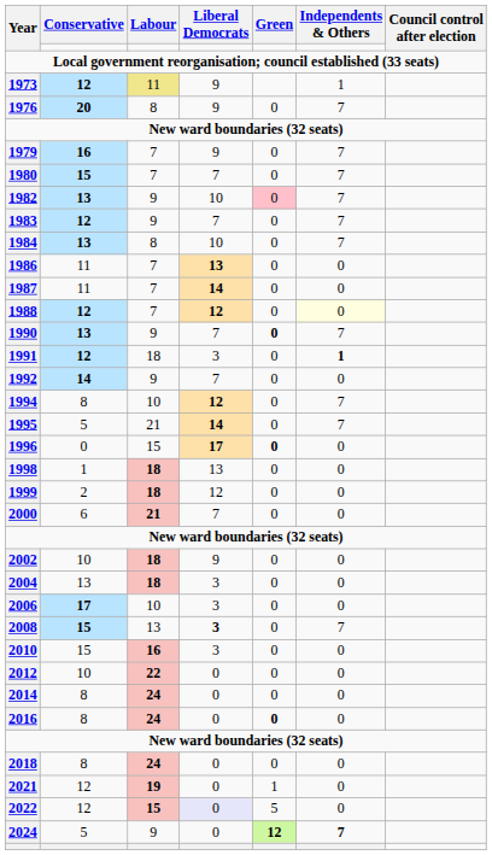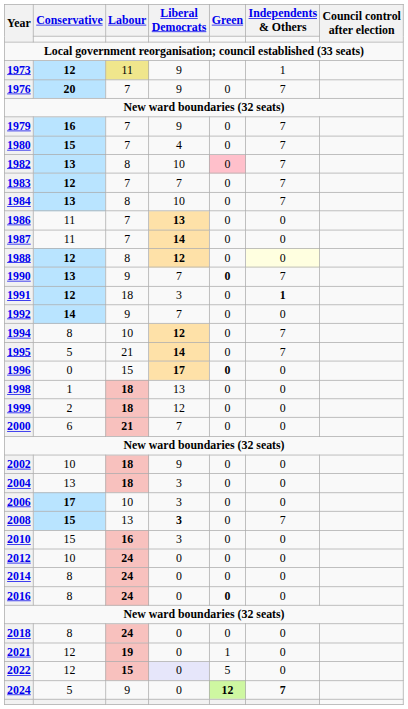 <table class="wikitable plainrowheaders" style="text-align:center">
 <tr>
 <th scope="col" rowspan="2">Year</th>
 <th scope="col"><a href='#'>Conservative</a></th>
 <th scope="col"><a href='#'>Labour</a></th>
 <th scope="col" style="width:1px"><a href='#'>Liberal Democrats</a></th>
 <th scope="col"><a href='#'>Green</a></th>
 <th scope="col"><a href='#'>Independents</a><br>& Others</th>
 <th scope="col" rowspan="2" colspan="2">Council control<br>after election</th>
 </tr>
 <tr>
 <td style="background:"></td>
 <td style="background:"></td>
 <td style="background:"></td>
 <td style="background:"></td>
 <td style="background:"></td>
 </tr>
 <tr>
 <td colspan="9"><strong>Local government reorganisation; council established (33 seats)</strong></td>
 </tr>
 <tr>
 <th scope="row"><a href='#'>1973</a></th>
 <td style="background:#B9E4FF;"><strong>12</strong></td>
 <td style="background: khaki;">11</td>
 <td>9</td>
 <td></td>
 <td>1</td>
 <td></td>
 </tr>
 <tr>
 <th scope="row"><a href='#'>1976</a></th>
 <td style="background:#B9E4FF;"><strong>20</strong></td>
-<td>8</td>
+<td>7</td>
 <td>9</td>
 <td>0</td>
 <td>7</td>
 <td></td>
 </tr>
 <tr>
 <td colspan="9"><strong>New ward boundaries (32 seats)</strong></td>
 </tr>
 <tr>
 <th scope="row"><a href='#'>1979</a></th>
 <td style="background:#B9E4FF;"><strong>16</strong></td>
 <td>7</td>
 <td>9</td>
 <td>0</td>
 <td>7</td>
 <td></td>
 </tr>
 <tr>
 <th scope="row"><a href='#'>1980</a></th>
 <td style="background:#B9E4FF;"><strong>15</strong></td>
 <td>7</td>
-<td>7</td>
+<td>4</td>
 <td>0</td>
 <td>7</td>
 <td></td>
 </tr>
 <tr>
 <th scope="row"><a href='#'>1982</a></th>
 <td style="background:#B9E4FF;"><strong>13</strong></td>
-<td>9</td>
+<td>8</td>
 <td>10</td>
 <td style="background: pink;">0</td>
 <td>7</td>
 <td></td>
 </tr>
 <tr>
 <th scope="row"><a href='#'>1983</a></th>
 <td style="background:#B9E4FF;"><strong>12</strong></td>
-<td>9</td>
+<td>7</td>
 <td>7</td>
 <td>0</td>
 <td>7</td>
 <td></td>
 </tr>
 <tr>
 <th scope="row"><a href='#'>1984</a></th>
 <td style="background:#B9E4FF;"><strong>13</strong></td>
 <td>8</td>
 <td>10</td>
 <td>0</td>
 <td>7</td>
 <td></td>
 </tr>
 <tr>
 <th scope="row"><a href='#'>1986</a></th>
 <td>11</td>
 <td>7</td>
 <td style="background:#FEE1A8"><strong>13</strong></td>
 <td>0</td>
 <td>0</td>
 <td></td>
 </tr>
 <tr>
 <th scope="row"><a href='#'>1987</a></th>
 <td>11</td>
 <td>7</td>
 <td style="background:#FEE1A8"><strong>14</strong></td>
 <td>0</td>
 <td>0</td>
 <td></td>
 </tr>
 <tr>
 <th scope="row"><a href='#'>1988</a></th>
 <td style="background:#B9E4FF;"><strong>12</strong></td>
-<td>7</td>
+<td>8</td>
 <td style="background:#FEE1A8"><strong>12</strong></td>
 <td>0</td>
 <td style="background: lightyellow;">0</td>
 <td></td>
 </tr>
 <tr>
 <th scope="row"><a href='#'>1990</a></th>
 <td style="background:#B9E4FF;"><strong>13</strong></td>
 <td>9</td>
 <td>7</td>
 <td><strong>0</strong></td>
 <td>7</td>
 <td></td>
 </tr>
 <tr>
 <th scope="row"><a href='#'>1991</a></th>
 <td style="background:#B9E4FF;"><strong>12</strong></td>
 <td>18</td>
 <td>3</td>
 <td>0</td>
 <td><strong>1</strong></td>
 <td></td>
 </tr>
 <tr>
 <th scope="row"><a href='#'>1992</a></th>
 <td style="background:#B9E4FF;"><strong>14</strong></td>
 <td>9</td>
 <td>7</td>
 <td>0</td>
 <td>0</td>
 <td></td>
 </tr>
 <tr>
 <th scope="row"><a href='#'>1994</a></th>
 <td>8</td>
 <td>10</td>
 <td style="background:#FEE1A8"><strong>12</strong></td>
 <td>0</td>
 <td>7</td>
 <td></td>
 </tr>
 <tr>
 <th scope="row"><a href='#'>1995</a></th>
 <td>5</td>
 <td>21</td>
 <td style="background:#FEE1A8"><strong>14</strong></td>
 <td>0</td>
 <td>7</td>
 <td></td>
 </tr>
 <tr>
 <th scope="row"><a href='#'>1996</a></th>
 <td>0</td>
 <td>15</td>
 <td style="background:#FEE1A8"><strong>17</strong></td>
 <td><strong>0</strong></td>
 <td>0</td>
 <td></td>
 </tr>
 <tr>
 <th scope="row"><a href='#'>1998</a></th>
 <td>1</td>
 <td style="background:#F8C1BE;"><strong>18</strong></td>
 <td>13</td>
 <td>0</td>
 <td>0</td>
 <td></td>
 </tr>
 <tr>
 <th scope="row"><a href='#'>1999</a></th>
 <td>2</td>
 <td style="background:#F8C1BE;"><strong>18</strong></td>
 <td>12</td>
 <td>0</td>
 <td>0</td>
 <td></td>
 </tr>
 <tr>
 <th scope="row"><a href='#'>2000</a></th>
 <td>6</td>
 <td style="background:#F8C1BE;"><strong>21</strong></td>
 <td>7</td>
 <td>0</td>
 <td>0</td>
 <td></td>
 </tr>
 <tr>
 <td colspan="9"><strong>New ward boundaries (32 seats)</strong></td>
 </tr>
 <tr>
 <th scope="row"><a href='#'>2002</a></th>
 <td>10</td>
 <td style="background:#F8C1BE;"><strong>18</strong></td>
 <td>9</td>
 <td>0</td>
 <td>0</td>
 <td></td>
 </tr>
 <tr>
 <th scope="row"><a href='#'>2004</a></th>
 <td>13</td>
 <td style="background:#F8C1BE;"><strong>18</strong></td>
 <td>3</td>
 <td>0</td>
 <td>0</td>
 <td></td>
 </tr>
 <tr>
 <th scope="row"><a href='#'>2006</a></th>
 <td style="background:#B9E4FF;"><strong>17</strong></td>
 <td>10</td>
 <td>3</td>
 <td>0</td>
 <td>0</td>
 <td></td>
 </tr>
 <tr>
 <th scope="row"><a href='#'>2008</a></th>
 <td style="background:#B9E4FF;"><strong>15</strong></td>
 <td>13</td>
 <td><strong>3</strong></td>
 <td>0</td>
 <td>7</td>
 <td></td>
 </tr>
 <tr>
 <th scope="row"><a href='#'>2010</a></th>
 <td>15</td>
 <td style="background:#F8C1BE;"><strong>16</strong></td>
 <td>3</td>
 <td>0</td>
 <td>0</td>
 <td></td>
 </tr>
 <tr>
 <th scope="row"><a href='#'>2012</a></th>
 <td>10</td>
-<td style="background:#F8C1BE;"><strong>22</strong></td>
+<td style="background:#F8C1BE;"><strong>24</strong></td>
 <td>0</td>
 <td>0</td>
 <td>0</td>
 <td></td>
 </tr>
 <tr>
 <th scope="row"><a href='#'>2014</a></th>
 <td>8</td>
 <td style="background:#F8C1BE;"><strong>24</strong></td>
 <td>0</td>
 <td>0</td>
 <td>0</td>
 <td></td>
 </tr>
 <tr>
 <th scope="row"><a href='#'>2016</a></th>
 <td>8</td>
 <td style="background:#F8C1BE;"><strong>24</strong></td>
 <td>0</td>
 <td><strong>0</strong></td>
 <td>0</td>
 <td></td>
 </tr>
 <tr>
 <td colspan="9"><strong>New ward boundaries (32 seats)</strong></td>
 </tr>
 <tr>
 <th scope="row"><a href='#'>2018</a></th>
 <td>8</td>
 <td style="background:#F8C1BE;"><strong>24</strong></td>
 <td>0</td>
 <td>0</td>
 <td>0</td>
 <td></td>
 </tr>
 <tr>
 <th scope="row"><a href='#'>2021</a></th>
 <td>12</td>
 <td style="background:#F8C1BE;"><strong>19</strong></td>
 <td>0</td>
 <td>1</td>
 <td>0</td>
 <td></td>
 </tr>
 <tr>
 <th scope="row"><a href='#'>2022</a></th>
 <td>12</td>
 <td style="background:#F8C1BE;"><strong>15</strong></td>
 <td style="background: lavender;">0</td>
 <td>5</td>
 <td>0</td>
 <td></td>
 </tr>
 <tr>
 <th scope="row"><a href='#'>2024</a></th>
 <td>5</td>
 <td>9</td>
 <td>0</td>
 <td style="background:#CEF7A1"><strong>12</strong></td>
 <td><strong>7</strong></td>
 <td></td>
 </tr>
 <tr>
 <th></th>
 <th style="background-color: "></th>
 <th style="background-color: "></th>
 <th style="background-color: "></th>
 <th style="background-color: "></th>
 <th style="background-color: "></th>
 </tr>
 </table>
